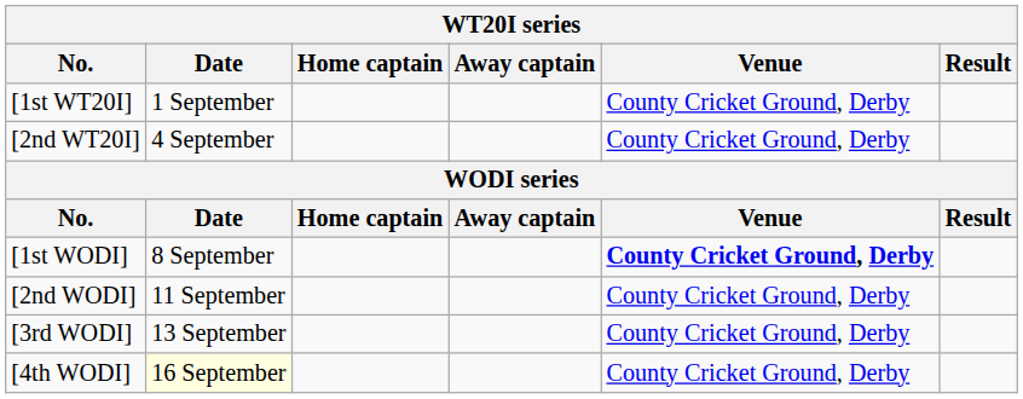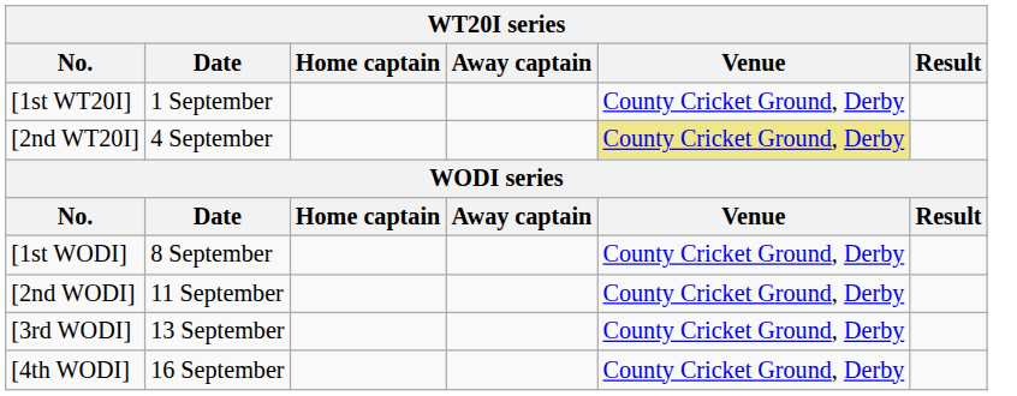 <table class="wikitable">
 <tr>
 <th colspan="9">WT20I series</th>
 </tr>
 <tr>
 <th>No.</th>
 <th>Date</th>
 <th>Home captain</th>
 <th>Away captain</th>
 <th>Venue</th>
 <th>Result</th>
 </tr>
 <tr>
 <td>[1st WT20I]</td>
 <td>1 September</td>
 <td></td>
 <td></td>
 <td><a href='#'>County Cricket Ground</a>, <a href='#'>Derby</a></td>
 <td></td>
 </tr>
 <tr>
 <td>[2nd WT20I]</td>
 <td>4 September</td>
 <td></td>
 <td></td>
-<td><a href='#'>County Cricket Ground</a>, <a href='#'>Derby</a></td>
+<td style="background: khaki;"><a href='#'>County Cricket Ground</a>, <a href='#'>Derby</a></td>
 <td></td>
 </tr>
 <tr>
 <th colspan="9">WODI series</th>
 </tr>
 <tr>
 <th>No.</th>
 <th>Date</th>
 <th>Home captain</th>
 <th>Away captain</th>
 <th>Venue</th>
 <th>Result</th>
 </tr>
 <tr>
 <td>[1st WODI]</td>
 <td>8 September</td>
 <td></td>
 <td></td>
-<td><strong><a href='#'>County Cricket Ground</a>, <a href='#'>Derby</a></strong></td>
+<td><a href='#'>County Cricket Ground</a>, <a href='#'>Derby</a></td>
 <td></td>
 </tr>
 <tr>
 <td>[2nd WODI]</td>
 <td>11 September</td>
 <td></td>
 <td></td>
 <td><a href='#'>County Cricket Ground</a>, <a href='#'>Derby</a></td>
 <td></td>
 </tr>
 <tr>
 <td>[3rd WODI]</td>
 <td>13 September</td>
 <td></td>
 <td></td>
 <td><a href='#'>County Cricket Ground</a>, <a href='#'>Derby</a></td>
 <td></td>
 </tr>
 <tr>
 <td>[4th WODI]</td>
-<td style="background: lightyellow;">16 September</td>
+<td>16 September</td>
 <td></td>
 <td></td>
 <td><a href='#'>County Cricket Ground</a>, <a href='#'>Derby</a></td>
 <td></td>
 </tr>
 </table>
